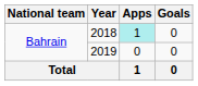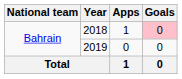 <table class="wikitable" style="text-align:center">
 <tr>
 <th>National team</th>
 <th>Year</th>
 <th>Apps</th>
 <th>Goals</th>
 </tr>
 <tr>
 <td rowspan="2"><a href='#'>Bahrain</a></td>
 <td>2018</td>
-<td style="background: paleturquoise;">1</td>
-<td>0</td>
+<td>1</td>
+<td style="background: pink;">0</td>
 </tr>
 <tr>
 <td>2019</td>
 <td>0</td>
 <td>0</td>
 </tr>
 <tr>
 <th colspan=2>Total</th>
 <th>1</th>
 <th>0</th>
 </tr>
 </table>
